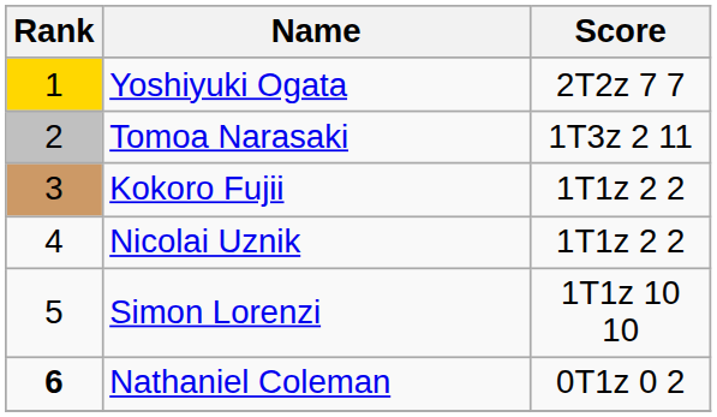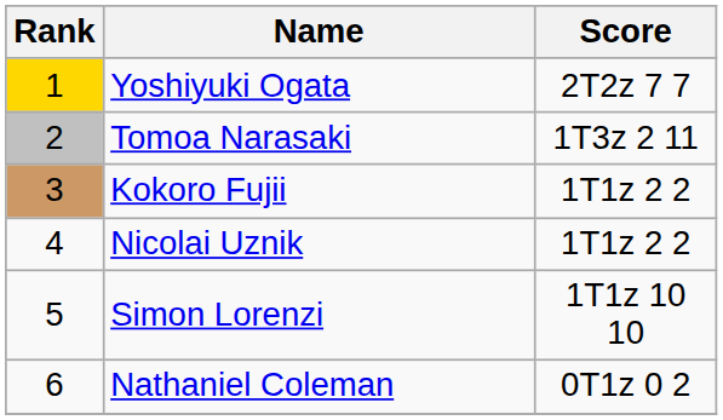 <table class="wikitable">
 <tr>
 <th>Rank</th>
 <th width = "200">Name</th>
 <th width = "80">Score</th>
 </tr>
 <tr>
 <td align="center" style="background: gold">1</td>
 <td> <a href='#'>Yoshiyuki Ogata</a></td>
 <td align="center">2T2z 7 7</td>
 </tr>
 <tr>
 <td align="center" style="background: silver">2</td>
 <td> <a href='#'>Tomoa Narasaki</a></td>
 <td align="center">1T3z 2 11</td>
 </tr>
 <tr>
 <td align="center" style="background: #cc9966">3</td>
 <td> <a href='#'>Kokoro Fujii</a></td>
 <td align="center">1T1z 2 2</td>
 </tr>
 <tr>
 <td align="center">4</td>
 <td> <a href='#'>Nicolai Uznik</a></td>
 <td align="center">1T1z 2 2</td>
 </tr>
 <tr>
 <td align="center">5</td>
 <td> <a href='#'>Simon Lorenzi</a></td>
 <td align="center">1T1z 10 10</td>
 </tr>
 <tr>
-<td align="center"><strong>6</strong></td>
+<td align="center">6</td>
 <td> <a href='#'>Nathaniel Coleman</a></td>
 <td align="center">0T1z 0 2</td>
 </tr>
 <tr>
 </tr>
 </table>
